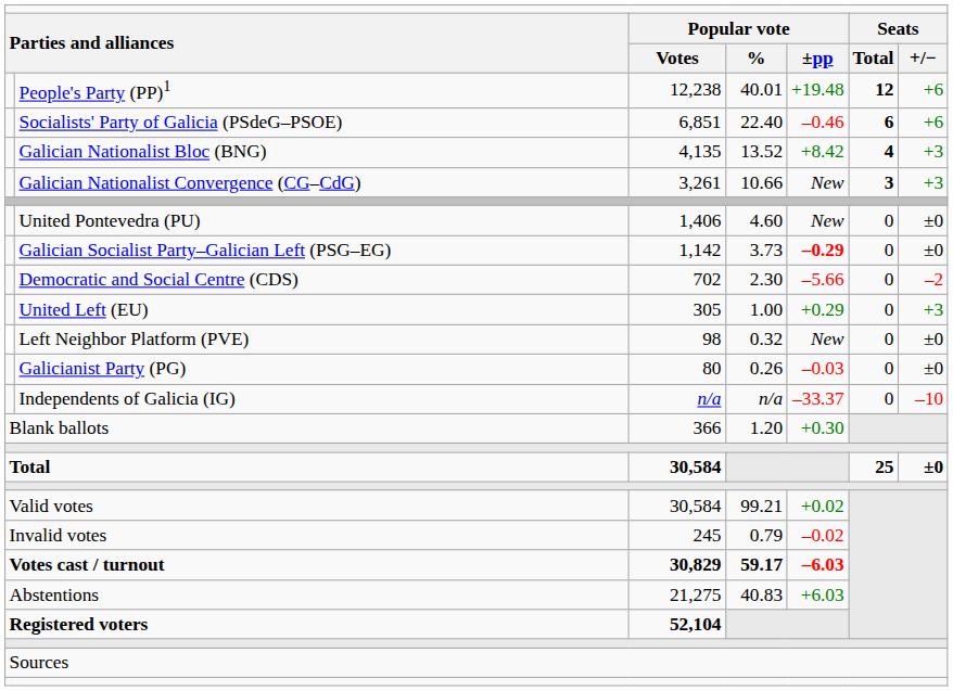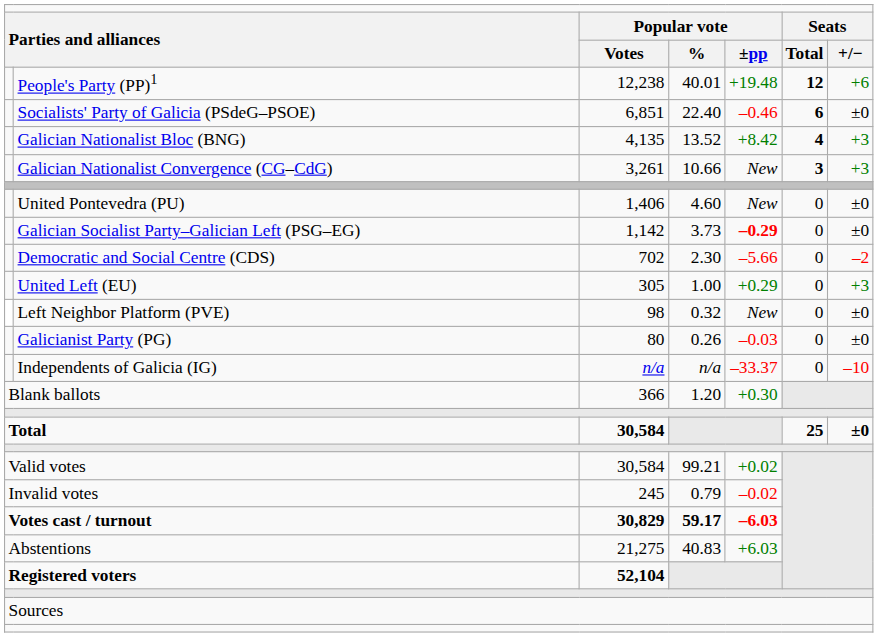 <table class="wikitable" style="text-align:right;">
 <tr>
 <td colspan="7"></td>
 </tr>
 <tr>
 <th style="text-align:left;" rowspan="2" colspan="2" width="525">Parties and alliances</th>
 <th colspan="3">Popular vote</th>
 <th colspan="2">Seats</th>
 </tr>
 <tr>
 <th width="75">Votes</th>
 <th width="45">%</th>
 <th width="45">±<a href='#'>pp</a></th>
 <th width="35">Total</th>
 <th width="35">+/−</th>
 </tr>
 <tr>
 <td width="1" style="color:inherit;background:"></td>
 <td align="left"><a href='#'>People's Party</a> (PP)<sup>1</sup></td>
 <td>12,238</td>
 <td>40.01</td>
 <td style="color:green;">+19.48</td>
 <td><strong>12</strong></td>
 <td style="color:green;">+6</td>
 </tr>
 <tr>
 <td style="color:inherit;background:"></td>
 <td align="left"><a href='#'>Socialists' Party of Galicia</a> (PSdeG–PSOE)</td>
 <td>6,851</td>
 <td>22.40</td>
 <td style="color:red;">–0.46</td>
 <td><strong>6</strong></td>
-<td style="color:green;">+6</td>
+<td>±0</td>
 </tr>
 <tr>
 <td style="color:inherit;background:"></td>
 <td align="left"><a href='#'>Galician Nationalist Bloc</a> (BNG)</td>
 <td>4,135</td>
 <td>13.52</td>
 <td style="color:green;">+8.42</td>
 <td><strong>4</strong></td>
 <td style="color:green;">+3</td>
 </tr>
 <tr>
 <td style="color:inherit;background:"></td>
 <td align="left"><a href='#'>Galician Nationalist Convergence</a> (<a href='#'>CG</a>–<a href='#'>CdG</a>)</td>
 <td>3,261</td>
 <td>10.66</td>
 <td><em>New</em></td>
 <td><strong>3</strong></td>
 <td style="color:green;">+3</td>
 </tr>
 <tr>
 <td colspan="7" bgcolor="#C0C0C0"></td>
 </tr>
 <tr>
 <td style="color:inherit;background:"></td>
 <td align="left">United Pontevedra (PU)</td>
 <td>1,406</td>
 <td>4.60</td>
 <td><em>New</em></td>
 <td>0</td>
 <td>±0</td>
 </tr>
 <tr>
 <td style="color:inherit;background:"></td>
 <td align="left"><a href='#'>Galician Socialist Party–Galician Left</a> (PSG–EG)</td>
 <td>1,142</td>
 <td>3.73</td>
 <td style="color:red;"><strong>–0.29</strong></td>
 <td>0</td>
 <td>±0</td>
 </tr>
 <tr>
 <td style="color:inherit;background:"></td>
 <td align="left"><a href='#'>Democratic and Social Centre</a> (CDS)</td>
 <td>702</td>
 <td>2.30</td>
 <td style="color:red;">–5.66</td>
 <td>0</td>
 <td style="color:red;">–2</td>
 </tr>
 <tr>
 <td style="color:inherit;background:"></td>
 <td align="left"><a href='#'>United Left</a> (EU)</td>
 <td>305</td>
 <td>1.00</td>
 <td style="color:green;">+0.29</td>
 <td>0</td>
 <td style="color:green;">+3</td>
 </tr>
 <tr>
 <td bgcolor="white"></td>
 <td align="left">Left Neighbor Platform (PVE)</td>
 <td>98</td>
 <td>0.32</td>
 <td><em>New</em></td>
 <td>0</td>
 <td>±0</td>
 </tr>
 <tr>
 <td style="color:inherit;background:"></td>
 <td align="left"><a href='#'>Galicianist Party</a> (PG)</td>
 <td>80</td>
 <td>0.26</td>
 <td style="color:red;">–0.03</td>
 <td>0</td>
 <td>±0</td>
 </tr>
 <tr>
 <td style="color:inherit;background:"></td>
 <td align="left">Independents of Galicia (IG)</td>
 <td><em><a href='#'>n/a</a></em></td>
 <td><em>n/a</em></td>
 <td style="color:red;">–33.37</td>
 <td>0</td>
 <td style="color:red;">–10</td>
 </tr>
 <tr>
 <td align="left" colspan="2">Blank ballots</td>
 <td>366</td>
 <td>1.20</td>
 <td style="color:green;">+0.30</td>
 <td bgcolor="#E9E9E9" colspan="2"></td>
 </tr>
 <tr>
 <td colspan="7" bgcolor="#E9E9E9"></td>
 </tr>
 <tr style="font-weight:bold;">
 <td align="left" colspan="2">Total</td>
 <td>30,584</td>
 <td bgcolor="#E9E9E9" colspan="2"></td>
 <td>25</td>
 <td>±0</td>
 </tr>
 <tr>
 <td colspan="7" bgcolor="#E9E9E9"></td>
 </tr>
 <tr>
 <td align="left" colspan="2">Valid votes</td>
 <td>30,584</td>
 <td>99.21</td>
 <td style="color:green;">+0.02</td>
 <td bgcolor="#E9E9E9" colspan="2" rowspan="5"></td>
 </tr>
 <tr>
 <td align="left" colspan="2">Invalid votes</td>
 <td>245</td>
 <td>0.79</td>
 <td style="color:red;">–0.02</td>
 </tr>
 <tr style="font-weight:bold;">
 <td align="left" colspan="2">Votes cast / turnout</td>
 <td>30,829</td>
 <td>59.17</td>
 <td style="color:red;">–6.03</td>
 </tr>
 <tr>
 <td align="left" colspan="2">Abstentions</td>
 <td>21,275</td>
 <td>40.83</td>
 <td style="color:green;">+6.03</td>
 </tr>
 <tr style="font-weight:bold;">
 <td align="left" colspan="2">Registered voters</td>
 <td>52,104</td>
 <td bgcolor="#E9E9E9" colspan="2"></td>
 </tr>
 <tr>
 <td colspan="7" bgcolor="#E9E9E9"></td>
 </tr>
 <tr>
 <td align="left" colspan="7">Sources</td>
 </tr>
 <tr>
 <td colspan="7" style="text-align:left; max-width:790px;"></td>
 </tr>
 </table>
